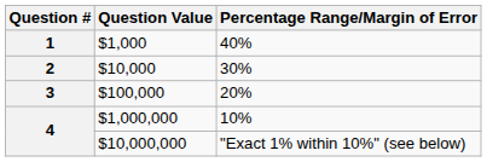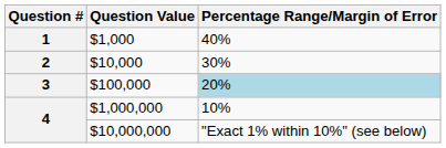 <table class="wikitable" border="1">
 <tr>
 <th>Question #</th>
 <th>Question Value</th>
 <th>Percentage Range/Margin of Error</th>
 </tr>
 <tr>
 <th>1</th>
 <td>$1,000</td>
 <td>40%</td>
 </tr>
 <tr>
 <th>2</th>
 <td>$10,000</td>
 <td>30%</td>
 </tr>
 <tr>
 <th>3</th>
 <td>$100,000</td>
-<td>20%</td>
+<td style="background: lightblue;">20%</td>
 </tr>
 <tr>
 <th rowspan="2">4</th>
 <td>$1,000,000</td>
 <td>10%</td>
 </tr>
 <tr>
 <td>$10,000,000</td>
 <td>"Exact 1% within 10%" (see below)</td>
 </tr>
 </table>
